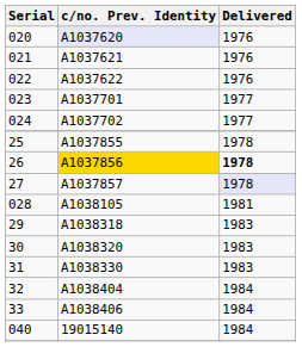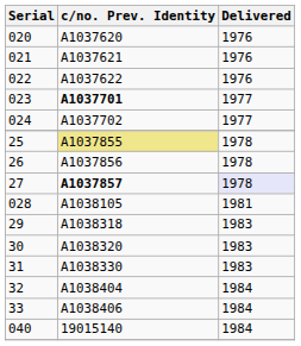 <table class="wikitable sortable">
 <tr>
 <th>Serial</th>
 <th>c/no.  Prev. Identity</th>
 <th>Delivered</th>
 </tr>
 <tr>
 <td>020</td>
-<td style="background: lavender;">A1037620</td>
+<td>A1037620</td>
 <td>1976</td>
 </tr>
 <tr>
 <td>021</td>
 <td>A1037621</td>
 <td>1976</td>
 </tr>
 <tr>
 <td>022</td>
 <td>A1037622</td>
 <td>1976</td>
 </tr>
 <tr>
 <td>023</td>
-<td>A1037701</td>
+<td><strong>A1037701</strong></td>
 <td>1977</td>
 </tr>
 <tr>
 <td>024</td>
 <td>A1037702</td>
 <td>1977</td>
 </tr>
 <tr>
 </tr>
 <tr>
 <td>25</td>
-<td>A1037855</td>
+<td style="background: khaki;">A1037855</td>
 <td>1978</td>
 </tr>
 <tr>
 <td>26</td>
-<td style="background: gold;">A1037856</td>
-<td><strong>1978</strong></td>
+<td>A1037856</td>
+<td>1978</td>
 </tr>
 <tr>
 <td>27</td>
-<td>A1037857</td>
+<td><strong>A1037857</strong></td>
 <td style="background: lavender;">1978</td>
 </tr>
 <tr>
 <td>028</td>
 <td>A1038105</td>
 <td>1981</td>
 </tr>
 <tr>
 <td>29</td>
 <td>A1038318</td>
 <td>1983</td>
 </tr>
 <tr>
 <td>30</td>
 <td>A1038320</td>
 <td>1983</td>
 </tr>
 <tr>
 <td>31</td>
 <td>A1038330</td>
 <td>1983</td>
 </tr>
 <tr>
 <td>32</td>
 <td>A1038404</td>
 <td>1984</td>
 </tr>
 <tr>
 <td>33</td>
 <td>A1038406</td>
 <td>1984</td>
 </tr>
 <tr>
 <td>040</td>
 <td>19015140</td>
 <td>1984</td>
 </tr>
 <tr>
 </tr>
 </table>
